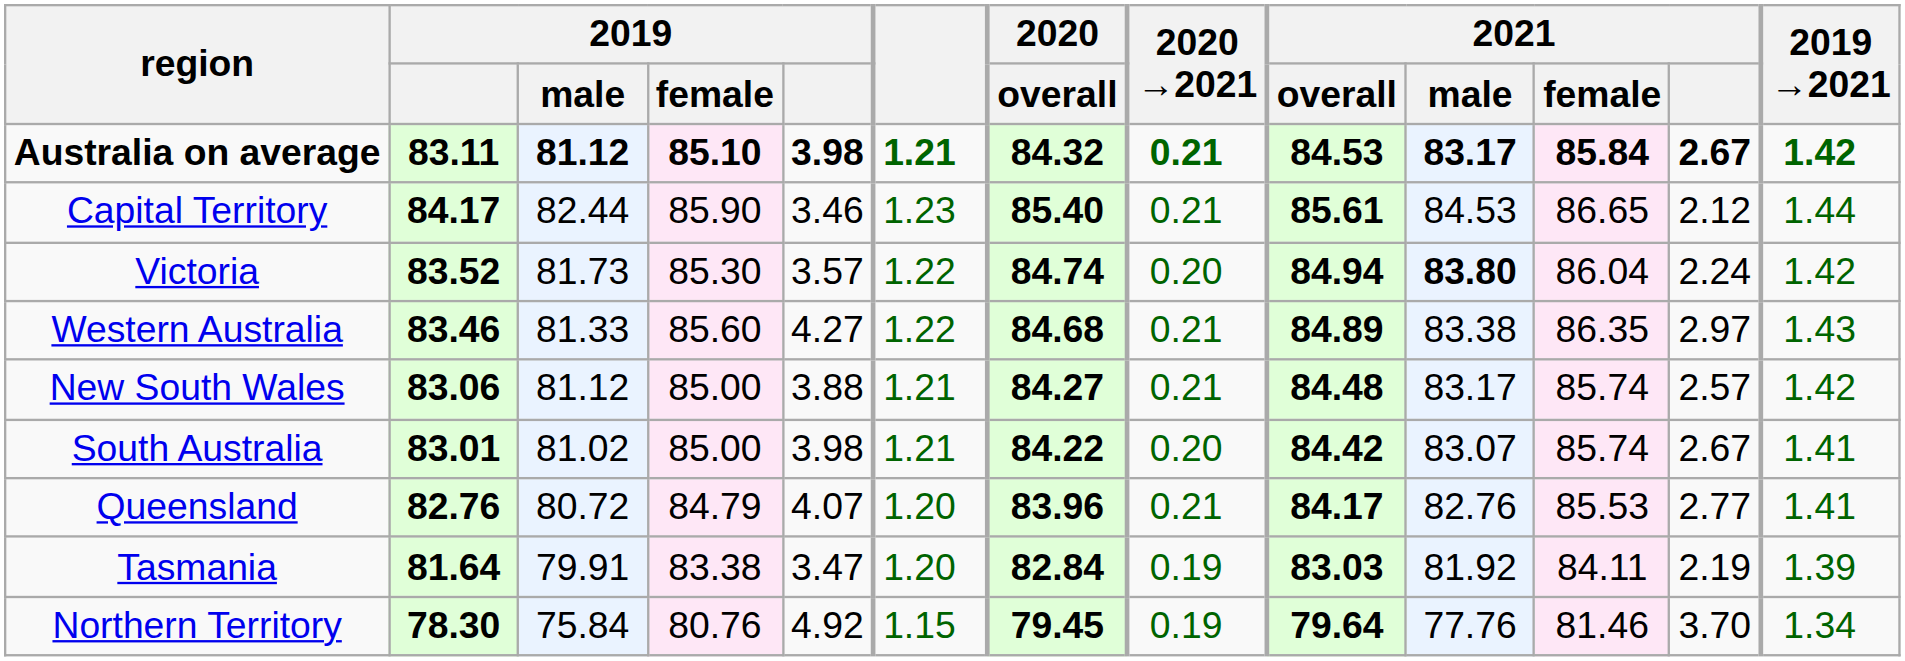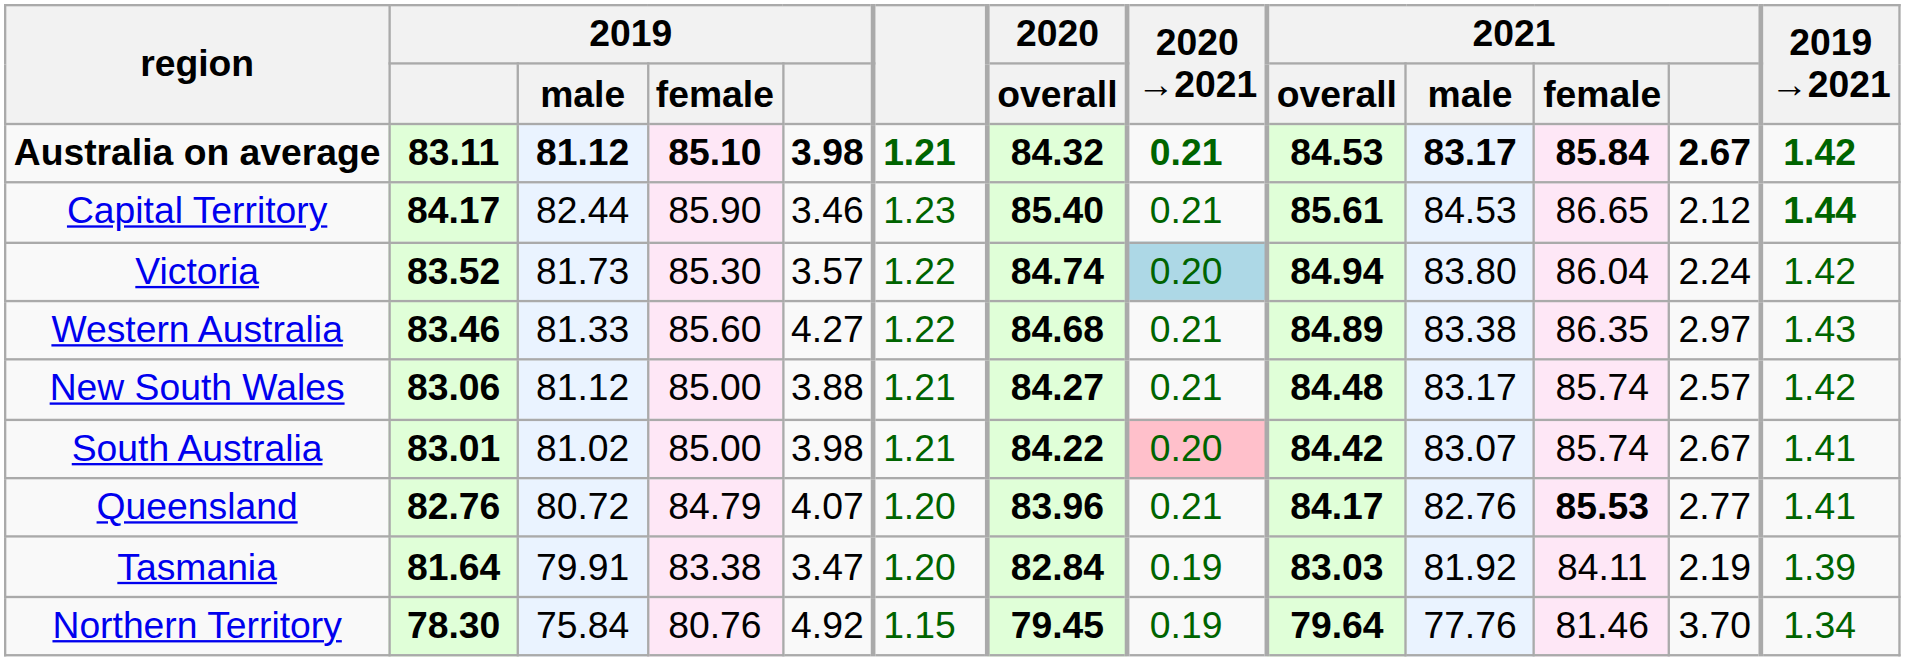 <table class="wikitable sortable mw-datatable static-row-numbers sort-under col1left col6right col8right col13right" style="text-align:center;">
 <tr>
 <th rowspan=2 style="vertical-align:middle;">region</th>
 <th colspan=4>2019</th>
 <th rowspan=2 style="vertical-align:middle;border-left-width:2px;"></th>
 <th style="border-left-width:2px;">2020</th>
 <th rowspan=2 style="vertical-align:middle;border-left-width:2px;">2020<br>→2021</th>
 <th colspan=4 style="border-left-width:2px;">2021</th>
 <th rowspan=2 style="vertical-align:middle;border-left-width:2px;">2019<br>→2021</th>
 </tr>
 <tr>
 <th style="vertical-align:middle;min-width:3em;"></th>
 <th style="vertical-align:middle;min-width:3em;">male</th>
 <th style="vertical-align:middle;min-width:3em;">female</th>
 <th></th>
 <th style="vertical-align:middle;min-width:3em;border-left-width:2px;">overall</th>
 <th style="vertical-align:middle;min-width:3em;border-left-width:2px;">overall</th>
 <th style="vertical-align:middle;min-width:3em;">male</th>
 <th style="vertical-align:middle;min-width:3em;">female</th>
 <th></th>
 </tr>
 <tr class=static-row-header>
 <td><strong>Australia on average</strong></td>
 <td style="background:#e0ffd8;"><strong>83.11</strong></td>
 <td style="background:#eaf3ff;"><strong>81.12</strong></td>
 <td style="background:#fee7f6;"><strong>85.10</strong></td>
 <td><strong>3.98</strong></td>
 <td style="padding-right:1.5ex;color:darkgreen;border-left-width:2px;"><strong>1.21</strong></td>
 <td style="background:#e0ffd8;border-left-width:2px;"><strong>84.32</strong></td>
 <td style="padding-right:1.5ex;color:darkgreen;border-left-width:2px;"><strong>0.21</strong></td>
 <td style="background:#e0ffd8;border-left-width:2px;"><strong>84.53</strong></td>
 <td style="background:#eaf3ff;"><strong>83.17</strong></td>
 <td style="background:#fee7f6;"><strong>85.84</strong></td>
 <td><strong>2.67</strong></td>
 <td style="padding-right:1.5ex;color:darkgreen;border-left-width:2px;"><strong>1.42</strong></td>
 </tr>
 <tr>
 <td><a href='#'>Capital Territory</a></td>
 <td style="background:#e0ffd8;"><strong>84.17</strong></td>
 <td style="background:#eaf3ff;">82.44</td>
 <td style="background:#fee7f6;">85.90</td>
 <td>3.46</td>
 <td style="padding-right:1.5ex;color:darkgreen;border-left-width:2px;">1.23</td>
 <td style="background:#e0ffd8;border-left-width:2px;"><strong>85.40</strong></td>
 <td style="padding-right:1.5ex;color:darkgreen;border-left-width:2px;">0.21</td>
 <td style="background:#e0ffd8;border-left-width:2px;"><strong>85.61</strong></td>
 <td style="background:#eaf3ff;">84.53</td>
 <td style="background:#fee7f6;">86.65</td>
 <td>2.12</td>
-<td style="padding-right:1.5ex;color:darkgreen;border-left-width:2px;">1.44</td>
+<td style="padding-right:1.5ex;color:darkgreen;border-left-width:2px;"><strong>1.44</strong></td>
 </tr>
 <tr>
 <td><a href='#'>Victoria</a></td>
 <td style="background:#e0ffd8;"><strong>83.52</strong></td>
 <td style="background:#eaf3ff;">81.73</td>
 <td style="background:#fee7f6;">85.30</td>
 <td>3.57</td>
 <td style="padding-right:1.5ex;color:darkgreen;border-left-width:2px;">1.22</td>
 <td style="background:#e0ffd8;border-left-width:2px;"><strong>84.74</strong></td>
-<td style="padding-right:1.5ex;color:darkgreen;border-left-width:2px;">0.20</td>
+<td style="background: lightblue; padding-right:1.5ex;color:darkgreen;border-left-width:2px;">0.20</td>
 <td style="background:#e0ffd8;border-left-width:2px;"><strong>84.94</strong></td>
-<td style="background:#eaf3ff;"><strong>83.80</strong></td>
+<td style="background:#eaf3ff;">83.80</td>
 <td style="background:#fee7f6;">86.04</td>
 <td>2.24</td>
 <td style="padding-right:1.5ex;color:darkgreen;border-left-width:2px;">1.42</td>
 </tr>
 <tr>
 <td><a href='#'>Western Australia</a></td>
 <td style="background:#e0ffd8;"><strong>83.46</strong></td>
 <td style="background:#eaf3ff;">81.33</td>
 <td style="background:#fee7f6;">85.60</td>
 <td>4.27</td>
 <td style="padding-right:1.5ex;color:darkgreen;border-left-width:2px;">1.22</td>
 <td style="background:#e0ffd8;border-left-width:2px;"><strong>84.68</strong></td>
 <td style="padding-right:1.5ex;color:darkgreen;border-left-width:2px;">0.21</td>
 <td style="background:#e0ffd8;border-left-width:2px;"><strong>84.89</strong></td>
 <td style="background:#eaf3ff;">83.38</td>
 <td style="background:#fee7f6;">86.35</td>
 <td>2.97</td>
 <td style="padding-right:1.5ex;color:darkgreen;border-left-width:2px;">1.43</td>
 </tr>
 <tr>
 <td><a href='#'>New South Wales</a></td>
 <td style="background:#e0ffd8;"><strong>83.06</strong></td>
 <td style="background:#eaf3ff;">81.12</td>
 <td style="background:#fee7f6;">85.00</td>
 <td>3.88</td>
 <td style="padding-right:1.5ex;color:darkgreen;border-left-width:2px;">1.21</td>
 <td style="background:#e0ffd8;border-left-width:2px;"><strong>84.27</strong></td>
 <td style="padding-right:1.5ex;color:darkgreen;border-left-width:2px;">0.21</td>
 <td style="background:#e0ffd8;border-left-width:2px;"><strong>84.48</strong></td>
 <td style="background:#eaf3ff;">83.17</td>
 <td style="background:#fee7f6;">85.74</td>
 <td>2.57</td>
 <td style="padding-right:1.5ex;color:darkgreen;border-left-width:2px;">1.42</td>
 </tr>
 <tr>
 <td><a href='#'>South Australia</a></td>
 <td style="background:#e0ffd8;"><strong>83.01</strong></td>
 <td style="background:#eaf3ff;">81.02</td>
 <td style="background:#fee7f6;">85.00</td>
 <td>3.98</td>
 <td style="padding-right:1.5ex;color:darkgreen;border-left-width:2px;">1.21</td>
 <td style="background:#e0ffd8;border-left-width:2px;"><strong>84.22</strong></td>
-<td style="padding-right:1.5ex;color:darkgreen;border-left-width:2px;">0.20</td>
+<td style="background: pink; padding-right:1.5ex;color:darkgreen;border-left-width:2px;">0.20</td>
 <td style="background:#e0ffd8;border-left-width:2px;"><strong>84.42</strong></td>
 <td style="background:#eaf3ff;">83.07</td>
 <td style="background:#fee7f6;">85.74</td>
 <td>2.67</td>
 <td style="padding-right:1.5ex;color:darkgreen;border-left-width:2px;">1.41</td>
 </tr>
 <tr>
 <td><a href='#'>Queensland</a></td>
 <td style="background:#e0ffd8;"><strong>82.76</strong></td>
 <td style="background:#eaf3ff;">80.72</td>
 <td style="background:#fee7f6;">84.79</td>
 <td>4.07</td>
 <td style="padding-right:1.5ex;color:darkgreen;border-left-width:2px;">1.20</td>
 <td style="background:#e0ffd8;border-left-width:2px;"><strong>83.96</strong></td>
 <td style="padding-right:1.5ex;color:darkgreen;border-left-width:2px;">0.21</td>
 <td style="background:#e0ffd8;border-left-width:2px;"><strong>84.17</strong></td>
 <td style="background:#eaf3ff;">82.76</td>
-<td style="background:#fee7f6;">85.53</td>
+<td style="background:#fee7f6;"><strong>85.53</strong></td>
 <td>2.77</td>
 <td style="padding-right:1.5ex;color:darkgreen;border-left-width:2px;">1.41</td>
 </tr>
 <tr>
 <td><a href='#'>Tasmania</a></td>
 <td style="background:#e0ffd8;"><strong>81.64</strong></td>
 <td style="background:#eaf3ff;">79.91</td>
 <td style="background:#fee7f6;">83.38</td>
 <td>3.47</td>
 <td style="padding-right:1.5ex;color:darkgreen;border-left-width:2px;">1.20</td>
 <td style="background:#e0ffd8;border-left-width:2px;"><strong>82.84</strong></td>
 <td style="padding-right:1.5ex;color:darkgreen;border-left-width:2px;">0.19</td>
 <td style="background:#e0ffd8;border-left-width:2px;"><strong>83.03</strong></td>
 <td style="background:#eaf3ff;">81.92</td>
 <td style="background:#fee7f6;">84.11</td>
 <td>2.19</td>
 <td style="padding-right:1.5ex;color:darkgreen;border-left-width:2px;">1.39</td>
 </tr>
 <tr>
 <td><a href='#'>Northern Territory</a></td>
 <td style="background:#e0ffd8;"><strong>78.30</strong></td>
 <td style="background:#eaf3ff;">75.84</td>
 <td style="background:#fee7f6;">80.76</td>
 <td>4.92</td>
 <td style="padding-right:1.5ex;color:darkgreen;border-left-width:2px;">1.15</td>
 <td style="background:#e0ffd8;border-left-width:2px;"><strong>79.45</strong></td>
 <td style="padding-right:1.5ex;color:darkgreen;border-left-width:2px;">0.19</td>
 <td style="background:#e0ffd8;border-left-width:2px;"><strong>79.64</strong></td>
 <td style="background:#eaf3ff;">77.76</td>
 <td style="background:#fee7f6;">81.46</td>
 <td>3.70</td>
 <td style="padding-right:1.5ex;color:darkgreen;border-left-width:2px;">1.34</td>
 </tr>
 </table>
